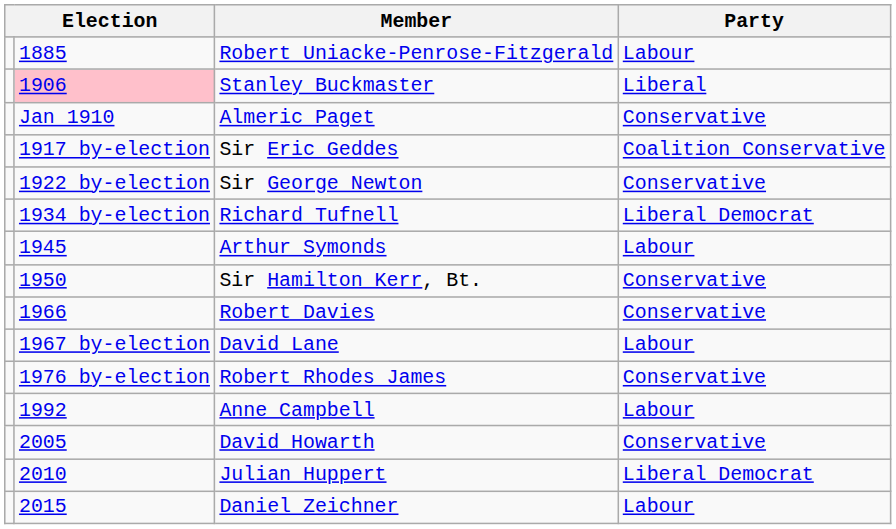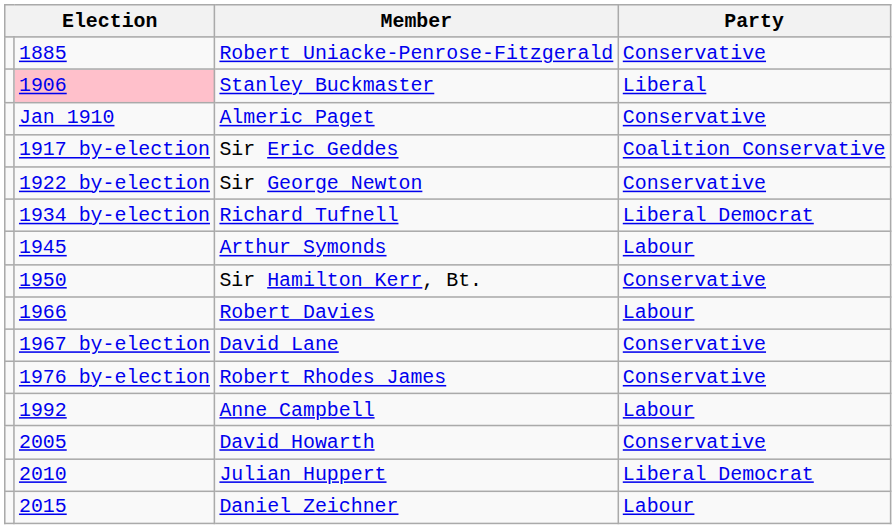 <table class="wikitable">
 <tr>
 <th colspan="2">Election</th>
 <th>Member</th>
 <th>Party</th>
 </tr>
 <tr>
 <td style="color:inherit;background-color: "></td>
 <td><a href='#'>1885</a></td>
 <td><a href='#'>Robert Uniacke-Penrose-Fitzgerald</a></td>
-<td><a href='#'>Labour</a></td>
+<td><a href='#'>Conservative</a></td>
 </tr>
 <tr>
 <td style="color:inherit;background-color: "></td>
 <td style="background: pink;"><a href='#'>1906</a></td>
 <td><a href='#'>Stanley Buckmaster</a></td>
 <td><a href='#'>Liberal</a></td>
 </tr>
 <tr>
 <td style="color:inherit;background-color: "></td>
 <td><a href='#'>Jan 1910</a></td>
 <td><a href='#'>Almeric Paget</a></td>
 <td><a href='#'>Conservative</a></td>
 </tr>
 <tr>
 <td style="color:inherit;background-color: "></td>
 <td><a href='#'>1917 by-election</a></td>
 <td>Sir <a href='#'>Eric Geddes</a></td>
 <td><a href='#'>Coalition Conservative</a></td>
 </tr>
 <tr>
 <td style="color:inherit;background-color: "></td>
 <td><a href='#'>1922 by-election</a></td>
 <td>Sir <a href='#'>George Newton</a></td>
 <td><a href='#'>Conservative</a></td>
 </tr>
 <tr>
 <td style="color:inherit;background-color: "></td>
 <td><a href='#'>1934 by-election</a></td>
 <td><a href='#'>Richard Tufnell</a></td>
 <td><a href='#'>Liberal Democrat</a></td>
 </tr>
 <tr>
 <td style="color:inherit;background-color: "></td>
 <td><a href='#'>1945</a></td>
 <td><a href='#'>Arthur Symonds</a></td>
 <td><a href='#'>Labour</a></td>
 </tr>
 <tr>
 <td style="color:inherit;background-color: "></td>
 <td><a href='#'>1950</a></td>
 <td>Sir <a href='#'>Hamilton Kerr</a>, Bt.</td>
 <td><a href='#'>Conservative</a></td>
 </tr>
 <tr>
 <td style="color:inherit;background-color: "></td>
 <td><a href='#'>1966</a></td>
 <td><a href='#'>Robert Davies</a></td>
-<td><a href='#'>Conservative</a></td>
+<td><a href='#'>Labour</a></td>
 </tr>
 <tr>
 <td style="color:inherit;background-color: "></td>
 <td><a href='#'>1967 by-election</a></td>
 <td><a href='#'>David Lane</a></td>
-<td><a href='#'>Labour</a></td>
+<td><a href='#'>Conservative</a></td>
 </tr>
 <tr>
 <td style="color:inherit;background-color: "></td>
 <td><a href='#'>1976 by-election</a></td>
 <td><a href='#'>Robert Rhodes James</a></td>
 <td><a href='#'>Conservative</a></td>
 </tr>
 <tr>
 <td style="color:inherit;background-color: "></td>
 <td><a href='#'>1992</a></td>
 <td><a href='#'>Anne Campbell</a></td>
 <td><a href='#'>Labour</a></td>
 </tr>
 <tr>
 <td style="color:inherit;background-color: "></td>
 <td><a href='#'>2005</a></td>
 <td><a href='#'>David Howarth</a></td>
 <td><a href='#'>Conservative</a></td>
 </tr>
 <tr>
 <td style="color:inherit;background-color: "></td>
 <td><a href='#'>2010</a></td>
 <td><a href='#'>Julian Huppert</a></td>
 <td><a href='#'>Liberal Democrat</a></td>
 </tr>
 <tr>
 <td style="color:inherit;background-color: "></td>
 <td><a href='#'>2015</a></td>
 <td><a href='#'>Daniel Zeichner</a></td>
 <td><a href='#'>Labour</a></td>
 </tr>
 </table>
